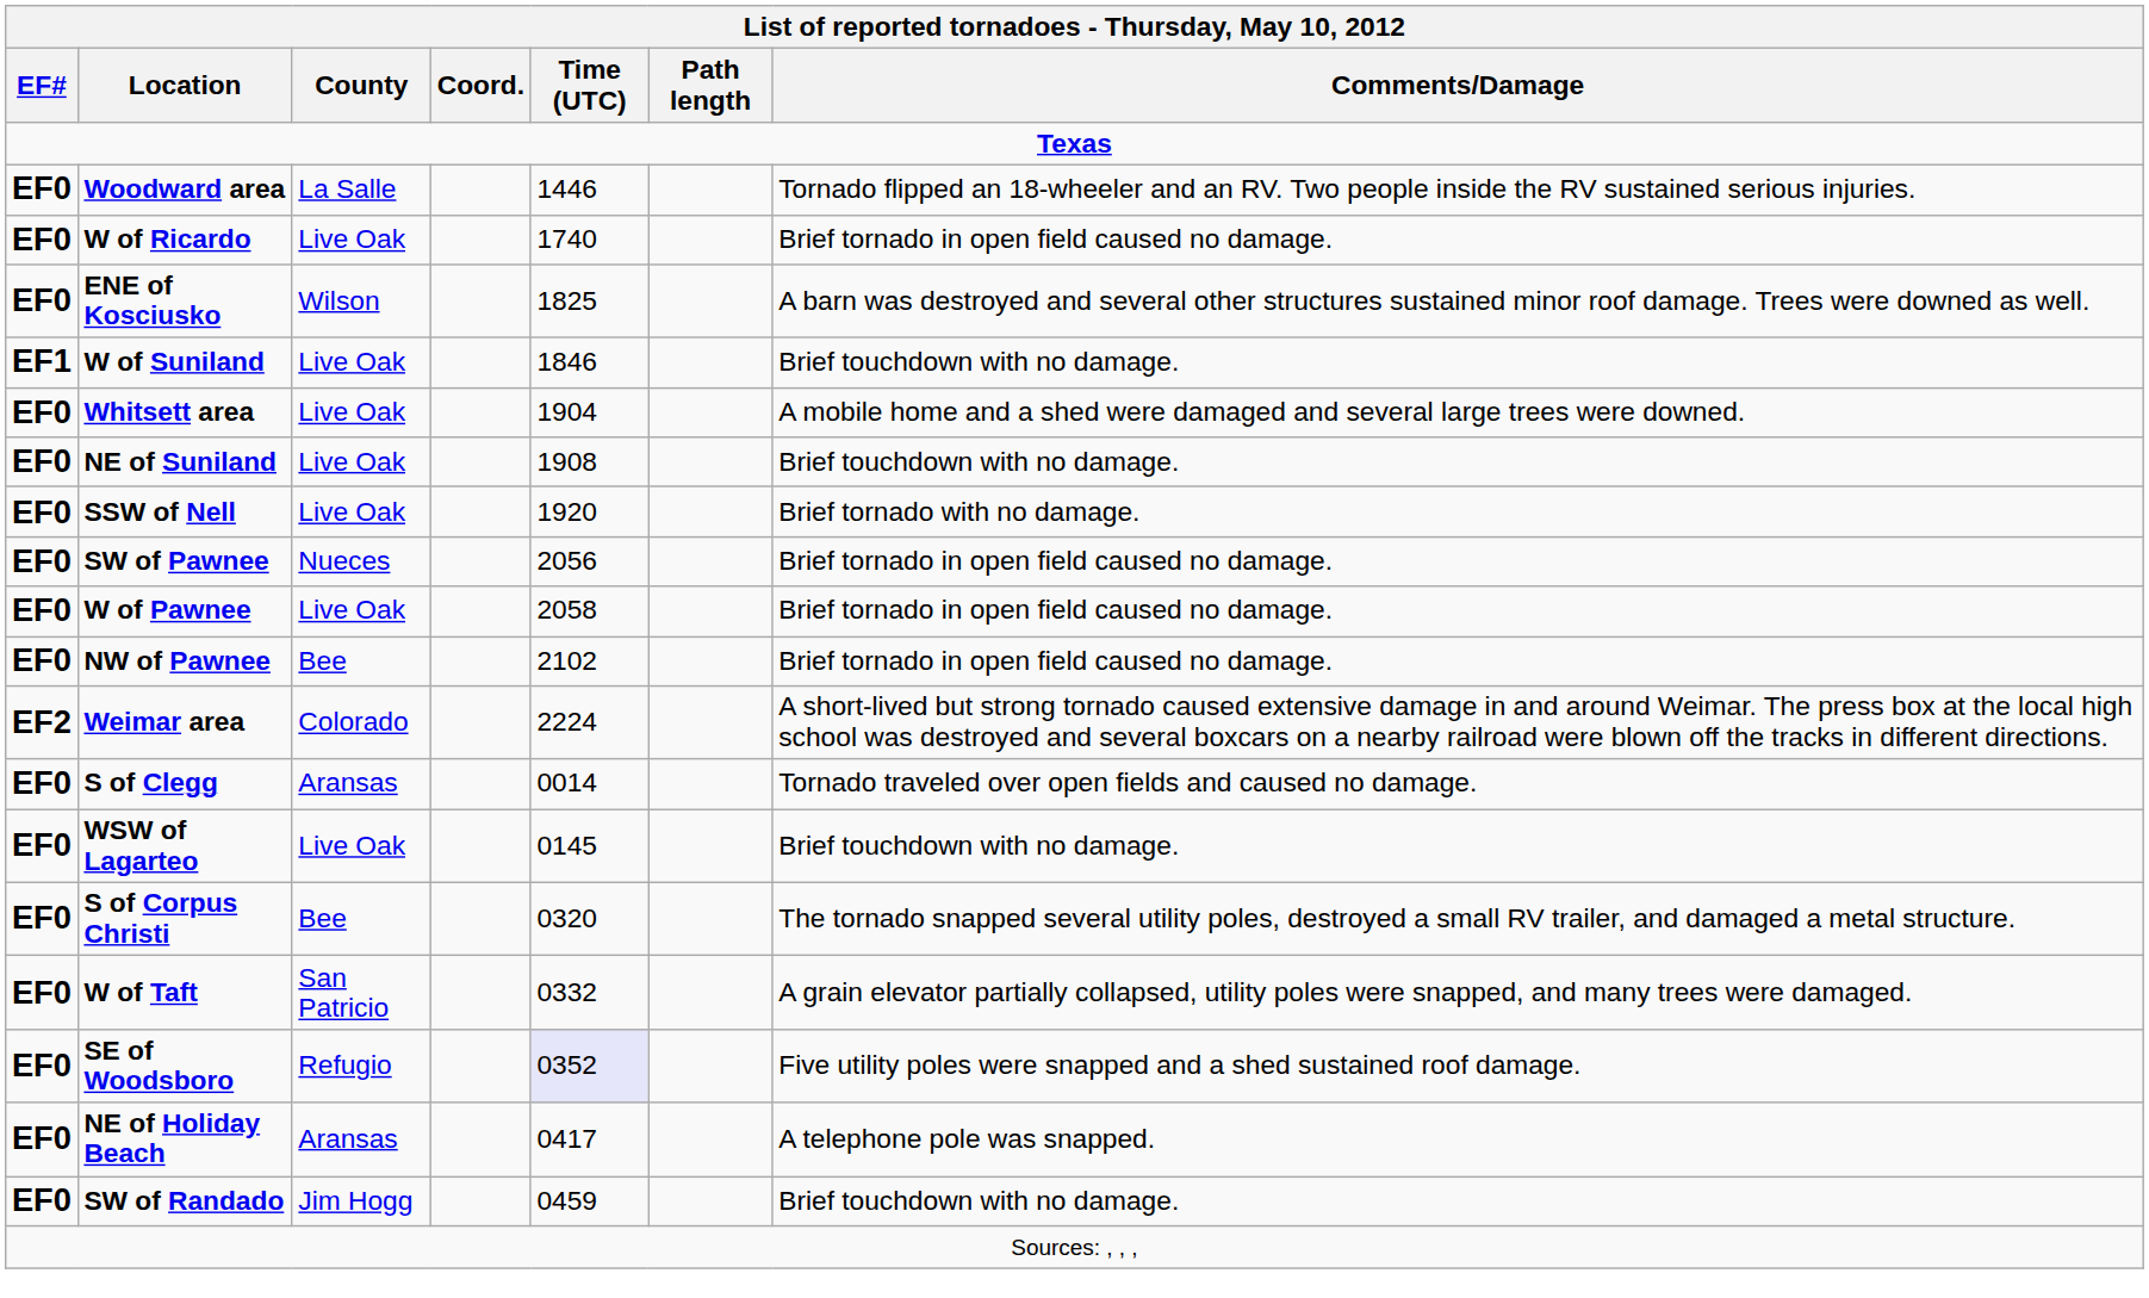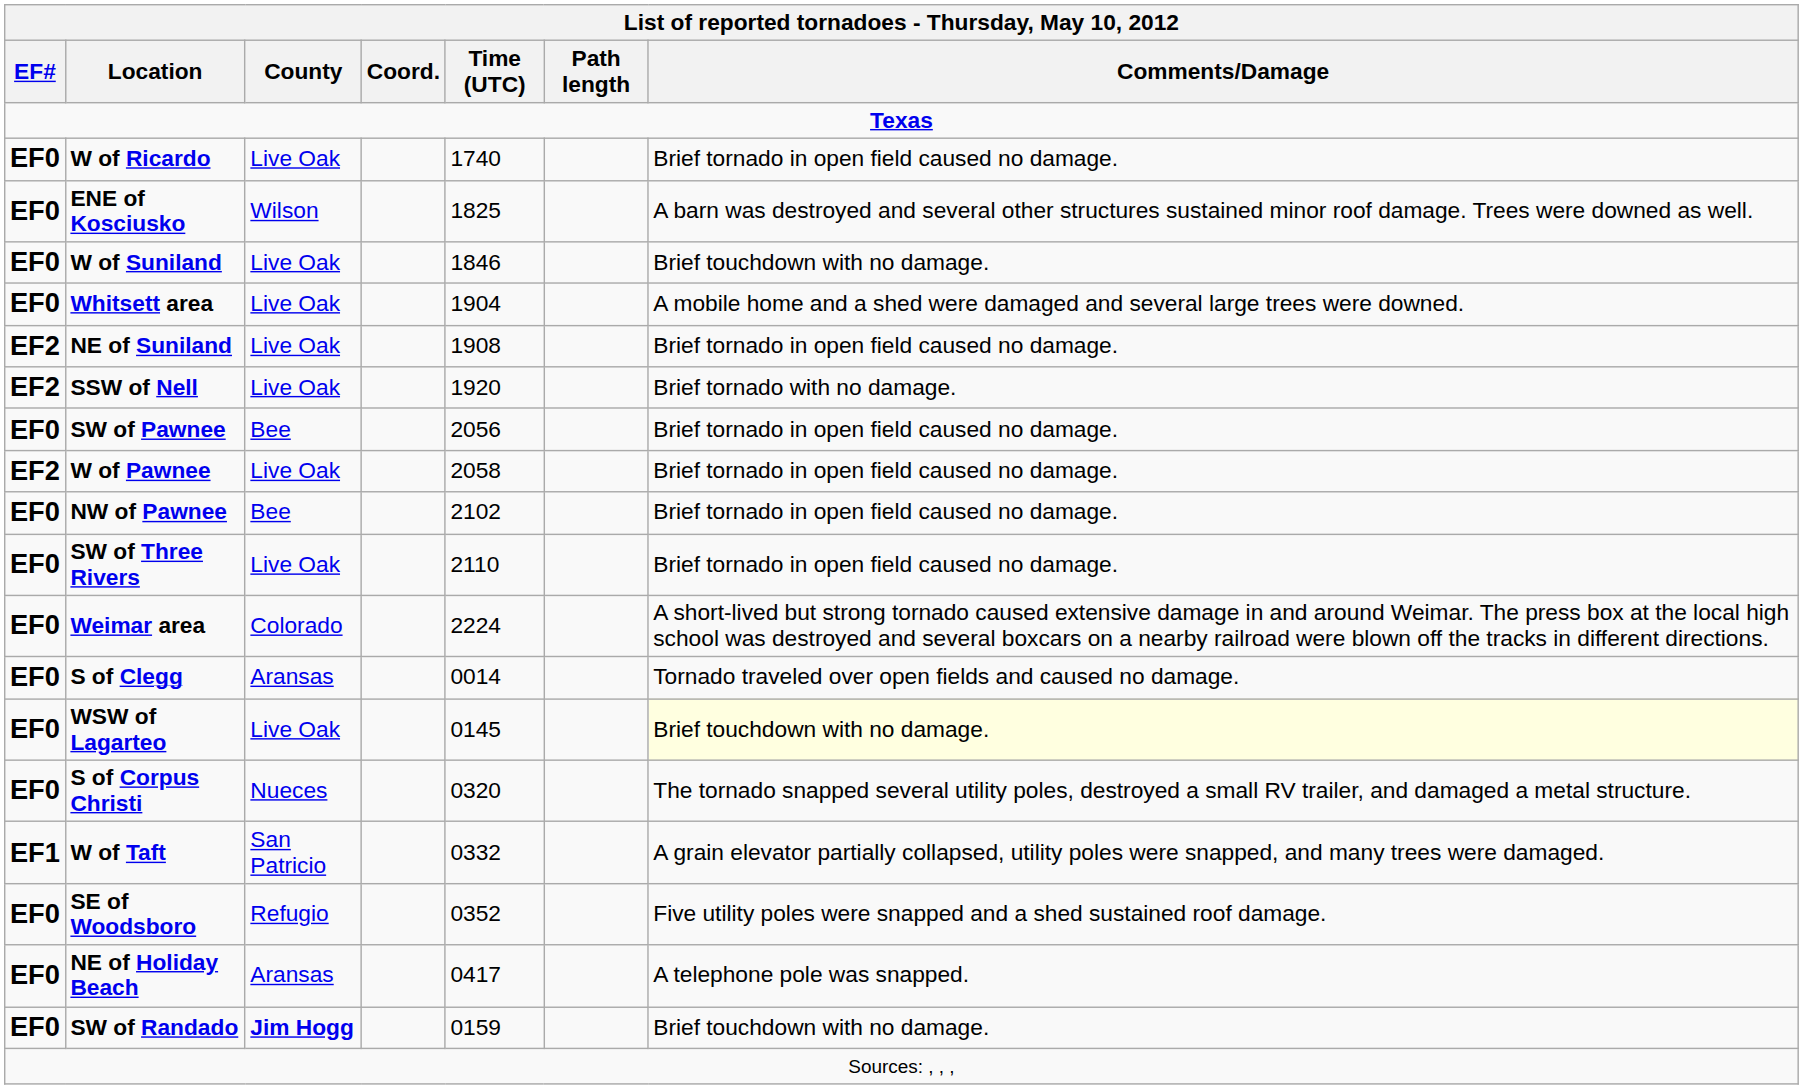 <table class="wikitable collapsible" width="100%">
 <tr>
 <th colspan="7">List of reported tornadoes - Thursday, May 10, 2012</th>
 </tr>
 <tr>
 <th><a href='#'>EF#</a></th>
 <th>Location</th>
 <th>County</th>
 <th>Coord.</th>
 <th>Time (UTC)</th>
 <th>Path length</th>
 <th>Comments/Damage</th>
 </tr>
 <tr>
 <td colspan="7" align=center><strong><a href='#'>Texas</a></strong></td>
-</tr>
-<tr>
-<td><big><strong>EF0</strong></big></td>
-<td><strong><a href='#'>Woodward</a> area</strong></td>
-<td><a href='#'>La Salle</a></td>
-<td></td>
-<td>1446</td>
-<td></td>
-<td>Tornado flipped an 18-wheeler and an RV. Two people inside the RV sustained serious injuries.</td>
 </tr>
 <tr>
 <td><big><strong>EF0</strong></big></td>
 <td><strong>W of <a href='#'>Ricardo</a></strong></td>
 <td><a href='#'>Live Oak</a></td>
 <td></td>
 <td>1740</td>
 <td></td>
 <td>Brief tornado in open field caused no damage.</td>
 </tr>
 <tr>
 <td><big><strong>EF0</strong></big></td>
 <td><strong>ENE of <a href='#'>Kosciusko</a></strong></td>
 <td><a href='#'>Wilson</a></td>
 <td></td>
 <td>1825</td>
 <td></td>
 <td>A barn was destroyed and several other structures sustained minor roof damage. Trees were downed as well.</td>
 </tr>
 <tr>
-<td><big><strong>EF1</strong></big></td>
+<td><big><strong>EF0</strong></big></td>
 <td><strong>W of <a href='#'>Suniland</a></strong></td>
 <td><a href='#'>Live Oak</a></td>
 <td></td>
 <td>1846</td>
 <td></td>
 <td>Brief touchdown with no damage.</td>
 </tr>
 <tr>
 <td><big><strong>EF0</strong></big></td>
 <td><strong><a href='#'>Whitsett</a> area</strong></td>
 <td><a href='#'>Live Oak</a></td>
 <td></td>
 <td>1904</td>
 <td></td>
 <td>A mobile home and a shed were damaged and several large trees were downed.</td>
 </tr>
 <tr>
-<td><big><strong>EF0</strong></big></td>
+<td><big><strong>EF2</strong></big></td>
 <td><strong>NE of <a href='#'>Suniland</a></strong></td>
 <td><a href='#'>Live Oak</a></td>
 <td></td>
 <td>1908</td>
 <td></td>
-<td>Brief touchdown with no damage.</td>
+<td>Brief tornado in open field caused no damage.</td>
 </tr>
 <tr>
-<td><big><strong>EF0</strong></big></td>
+<td><big><strong>EF2</strong></big></td>
 <td><strong>SSW of <a href='#'>Nell</a></strong></td>
 <td><a href='#'>Live Oak</a></td>
 <td></td>
 <td>1920</td>
 <td></td>
 <td>Brief tornado with no damage.</td>
 </tr>
 <tr>
 <td><big><strong>EF0</strong></big></td>
 <td><strong>SW of <a href='#'>Pawnee</a></strong></td>
-<td><a href='#'>Nueces</a></td>
+<td><a href='#'>Bee</a></td>
 <td></td>
 <td>2056</td>
 <td></td>
 <td>Brief tornado in open field caused no damage.</td>
 </tr>
 <tr>
-<td><big><strong>EF0</strong></big></td>
+<td><big><strong>EF2</strong></big></td>
 <td><strong>W of <a href='#'>Pawnee</a></strong></td>
 <td><a href='#'>Live Oak</a></td>
 <td></td>
 <td>2058</td>
 <td></td>
 <td>Brief tornado in open field caused no damage.</td>
 </tr>
 <tr>
 <td><big><strong>EF0</strong></big></td>
 <td><strong>NW of <a href='#'>Pawnee</a></strong></td>
 <td><a href='#'>Bee</a></td>
 <td></td>
 <td>2102</td>
 <td></td>
 <td>Brief tornado in open field caused no damage.</td>
 </tr>
 <tr>
-<td><big><strong>EF2</strong></big></td>
+<td><big><strong>EF0</strong></big></td>
+<td><strong>SW of <a href='#'>Three Rivers</a></strong></td>
+<td><a href='#'>Live Oak</a></td>
+<td></td>
+<td>2110</td>
+<td></td>
+<td>Brief tornado in open field caused no damage.</td>
+</tr>
+<tr>
+<td><big><strong>EF0</strong></big></td>
 <td><strong><a href='#'>Weimar</a> area</strong></td>
 <td><a href='#'>Colorado</a></td>
 <td></td>
 <td>2224</td>
 <td></td>
 <td>A short-lived but strong tornado caused extensive damage in and around Weimar. The press box at the local high school was destroyed and several boxcars on a nearby railroad were blown off the tracks in different directions.</td>
 </tr>
 <tr>
 <td><big><strong>EF0</strong></big></td>
 <td><strong>S of <a href='#'>Clegg</a></strong></td>
 <td><a href='#'>Aransas</a></td>
 <td></td>
 <td>0014</td>
 <td></td>
 <td>Tornado traveled over open fields and caused no damage.</td>
 </tr>
 <tr>
 <td><big><strong>EF0</strong></big></td>
 <td><strong>WSW of <a href='#'>Lagarteo</a></strong></td>
 <td><a href='#'>Live Oak</a></td>
 <td></td>
 <td>0145</td>
 <td></td>
-<td>Brief touchdown with no damage.</td>
+<td style="background: lightyellow;">Brief touchdown with no damage.</td>
 </tr>
 <tr>
 <td><big><strong>EF0</strong></big></td>
 <td><strong>S of <a href='#'>Corpus Christi</a></strong></td>
-<td><a href='#'>Bee</a></td>
+<td><a href='#'>Nueces</a></td>
 <td></td>
 <td>0320</td>
 <td></td>
 <td>The tornado snapped several utility poles, destroyed a small RV trailer, and damaged a metal structure.</td>
 </tr>
 <tr>
-<td><big><strong>EF0</strong></big></td>
+<td><big><strong>EF1</strong></big></td>
 <td><strong>W of <a href='#'>Taft</a></strong></td>
 <td><a href='#'>San Patricio</a></td>
 <td></td>
 <td>0332</td>
 <td></td>
 <td>A grain elevator partially collapsed, utility poles were snapped, and many trees were damaged.</td>
 </tr>
 <tr>
 <td><big><strong>EF0</strong></big></td>
 <td><strong>SE of <a href='#'>Woodsboro</a></strong></td>
 <td><a href='#'>Refugio</a></td>
 <td></td>
-<td style="background: lavender;">0352</td>
+<td>0352</td>
 <td></td>
 <td>Five utility poles were snapped and a shed sustained roof damage.</td>
 </tr>
 <tr>
 <td><big><strong>EF0</strong></big></td>
 <td><strong>NE of <a href='#'>Holiday Beach</a></strong></td>
 <td><a href='#'>Aransas</a></td>
 <td></td>
 <td>0417</td>
 <td></td>
 <td>A telephone pole was snapped.</td>
 </tr>
 <tr>
 <td><big><strong>EF0</strong></big></td>
 <td><strong>SW of <a href='#'>Randado</a></strong></td>
-<td><a href='#'>Jim Hogg</a></td>
+<td><strong><a href='#'>Jim Hogg</a></strong></td>
 <td></td>
-<td>0459</td>
+<td>0159</td>
 <td></td>
 <td>Brief touchdown with no damage.</td>
 </tr>
 <tr>
 <td colspan="7" align=center><small>Sources:  , , , </small></td>
 </tr>
 </table>
